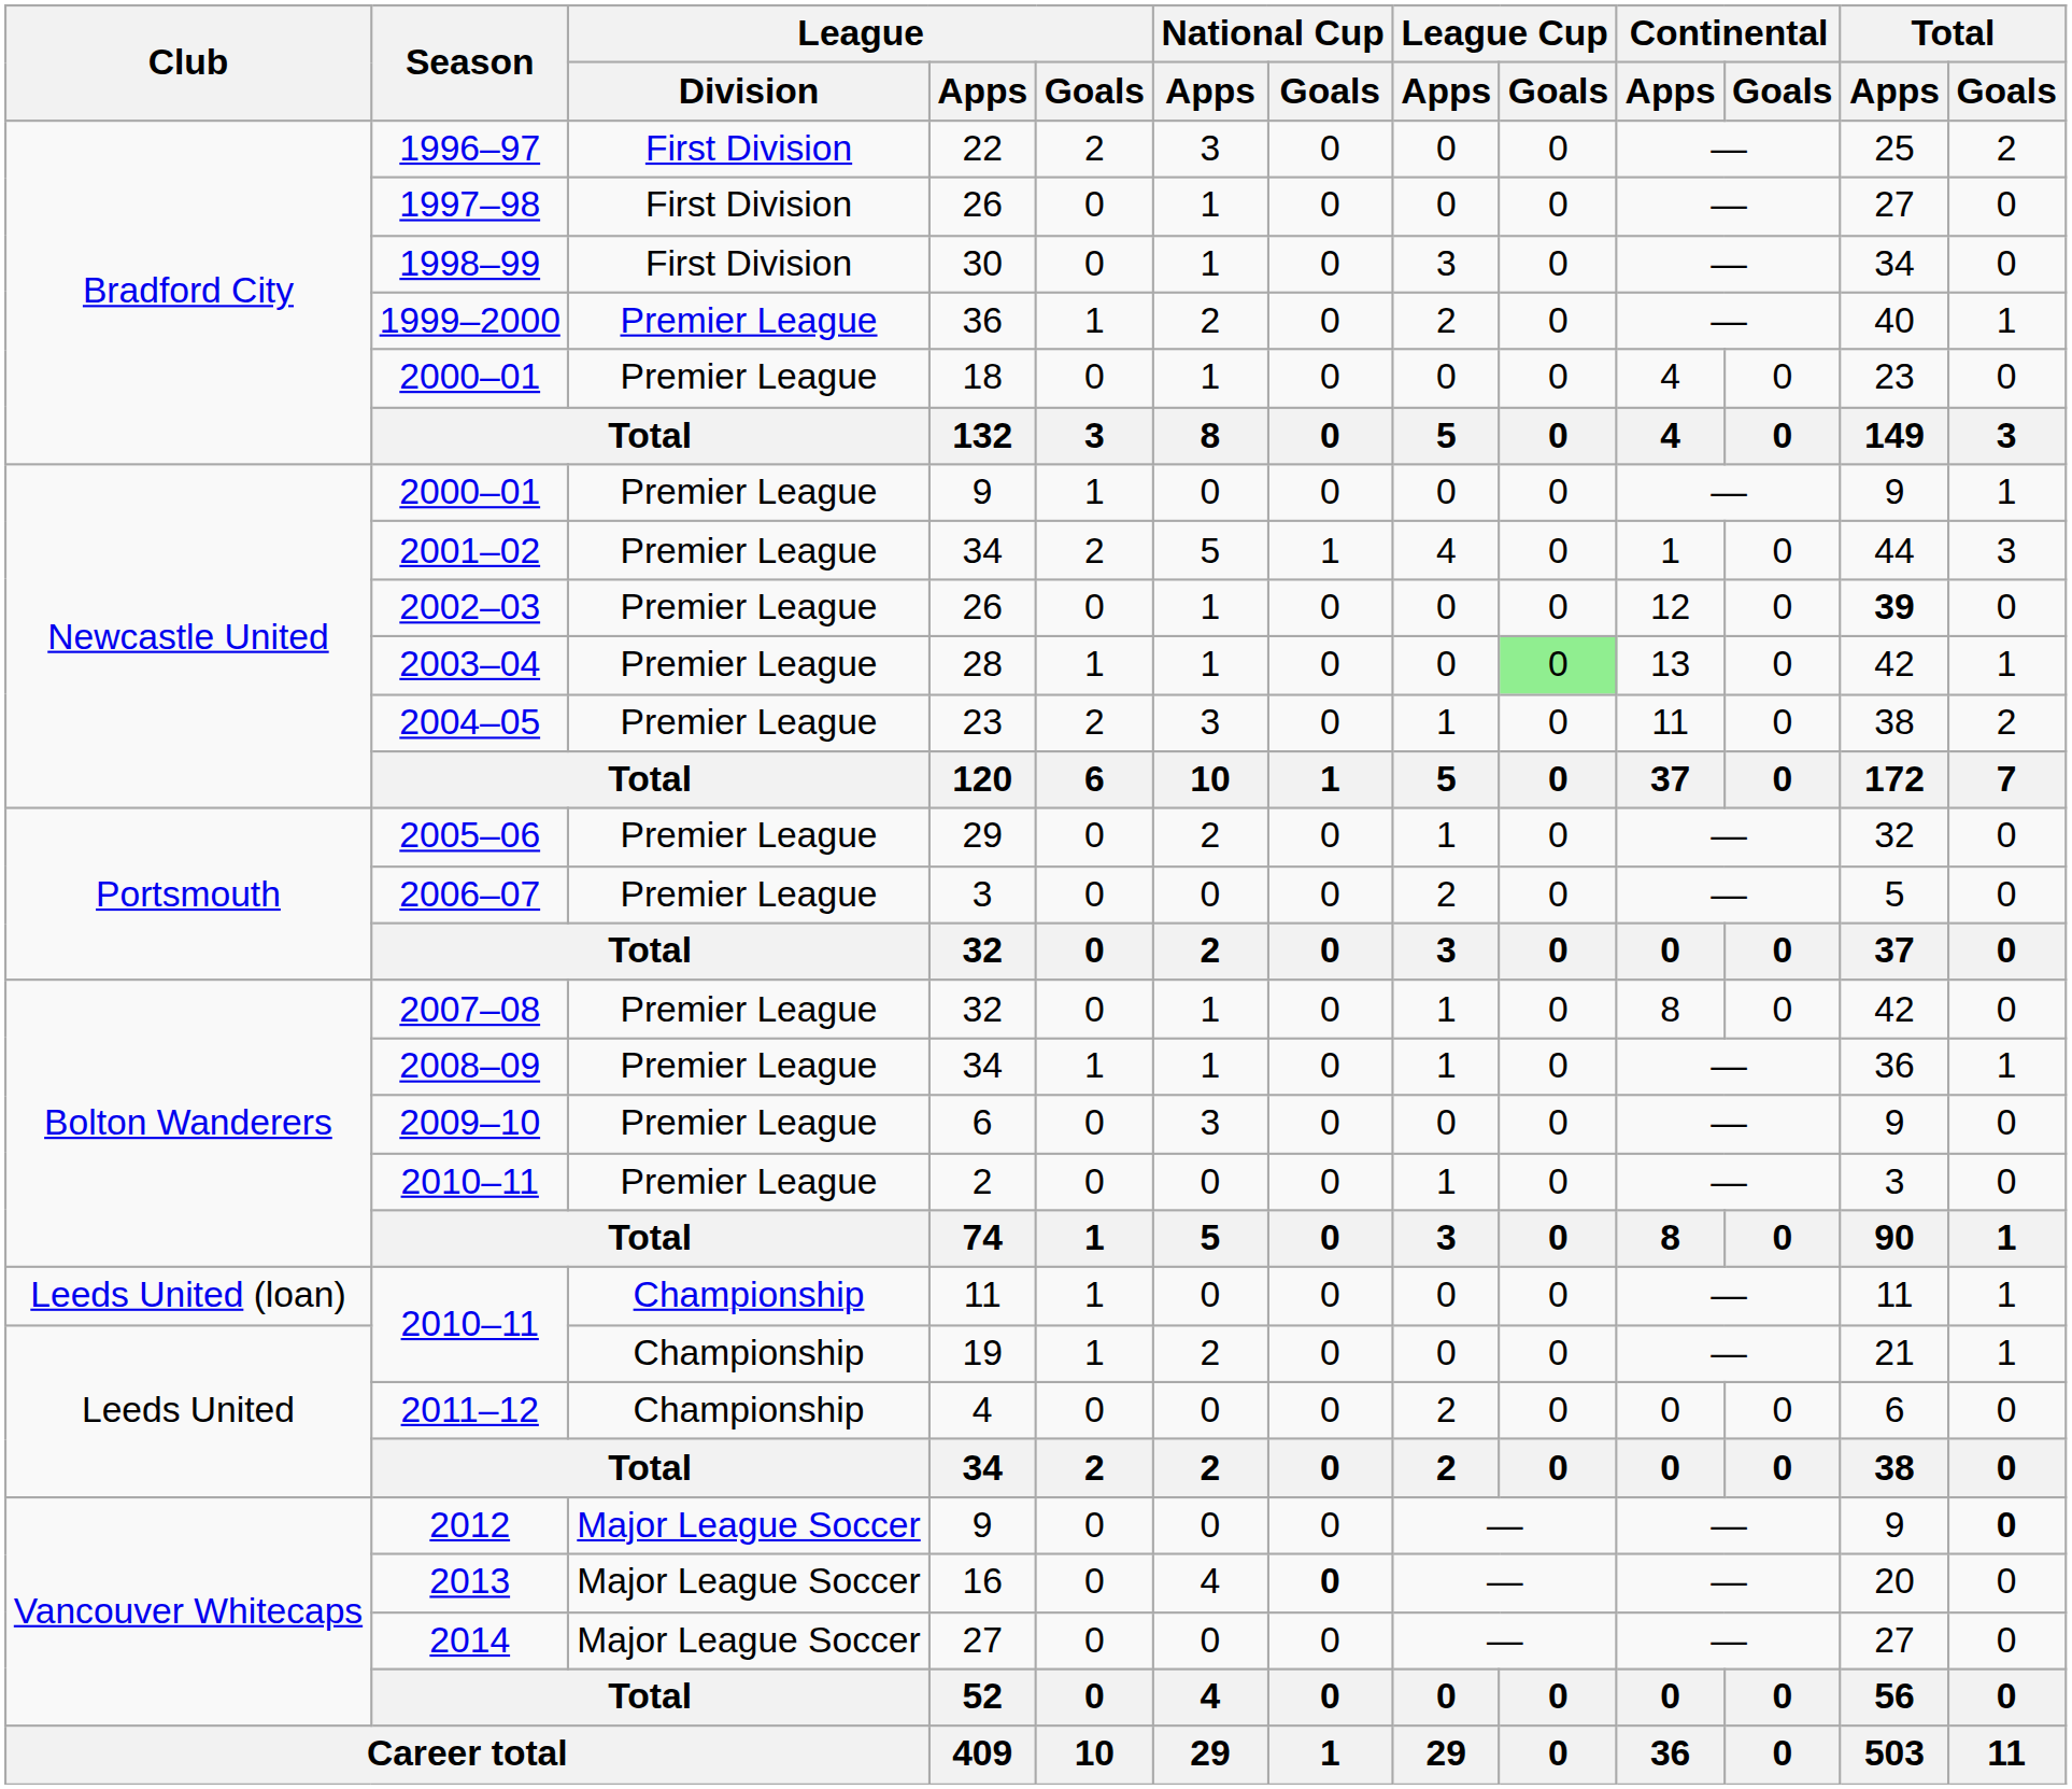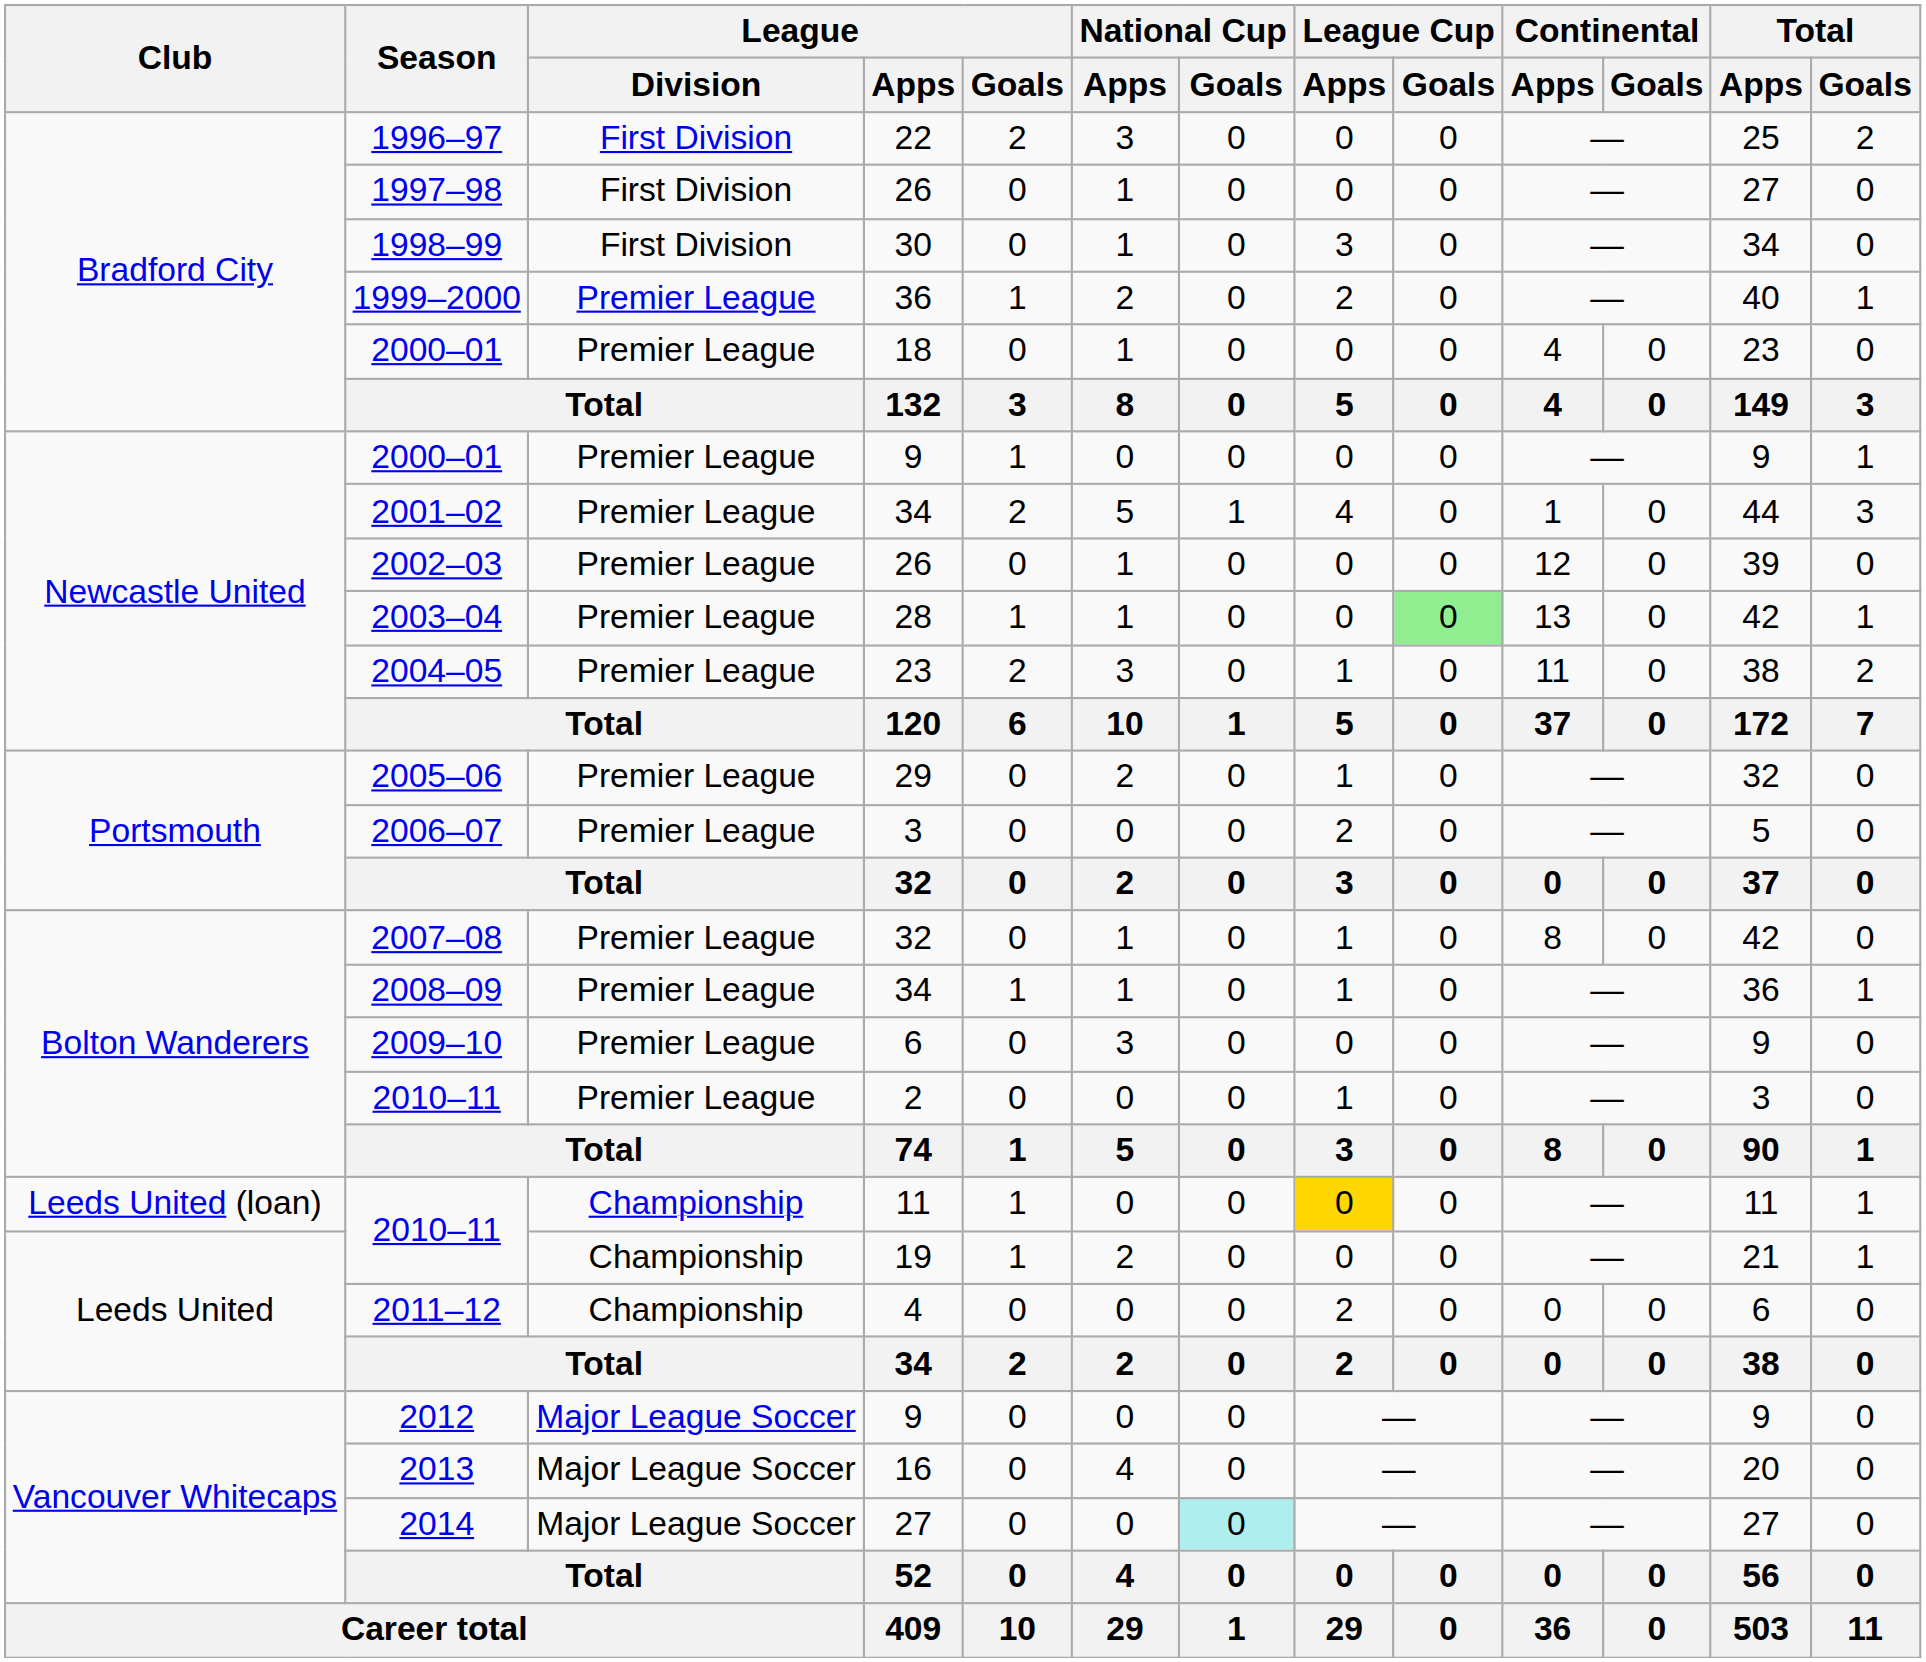 <table class="wikitable" style="text-align:center;">
 <tr>
 <th rowspan="2">Club</th>
 <th rowspan="2">Season</th>
 <th colspan="3">League</th>
 <th colspan="2">National Cup</th>
 <th colspan="2">League Cup</th>
 <th colspan="2">Continental</th>
 <th colspan="2">Total</th>
 </tr>
 <tr>
 <th>Division</th>
 <th>Apps</th>
 <th>Goals</th>
 <th>Apps</th>
 <th>Goals</th>
 <th>Apps</th>
 <th>Goals</th>
 <th>Apps</th>
 <th>Goals</th>
 <th>Apps</th>
 <th>Goals</th>
 </tr>
 <tr>
 <td rowspan="6"><a href='#'>Bradford City</a></td>
 <td><a href='#'>1996–97</a></td>
 <td><a href='#'>First Division</a></td>
 <td>22</td>
 <td>2</td>
 <td>3</td>
 <td>0</td>
 <td>0</td>
 <td>0</td>
 <td colspan="2">—</td>
 <td>25</td>
 <td>2</td>
 </tr>
 <tr>
 <td><a href='#'>1997–98</a></td>
 <td>First Division</td>
 <td>26</td>
 <td>0</td>
 <td>1</td>
 <td>0</td>
 <td>0</td>
 <td>0</td>
 <td colspan="2">—</td>
 <td>27</td>
 <td>0</td>
 </tr>
 <tr>
 <td><a href='#'>1998–99</a></td>
 <td>First Division</td>
 <td>30</td>
 <td>0</td>
 <td>1</td>
 <td>0</td>
 <td>3</td>
 <td>0</td>
 <td colspan="2">—</td>
 <td>34</td>
 <td>0</td>
 </tr>
 <tr>
 <td><a href='#'>1999–2000</a></td>
 <td><a href='#'>Premier League</a></td>
 <td>36</td>
 <td>1</td>
 <td>2</td>
 <td>0</td>
 <td>2</td>
 <td>0</td>
 <td colspan="2">—</td>
 <td>40</td>
 <td>1</td>
 </tr>
 <tr>
 <td><a href='#'>2000–01</a></td>
 <td>Premier League</td>
 <td>18</td>
 <td>0</td>
 <td>1</td>
 <td>0</td>
 <td>0</td>
 <td>0</td>
 <td>4</td>
 <td>0</td>
 <td>23</td>
 <td>0</td>
 </tr>
 <tr>
 <th colspan="2">Total</th>
 <th>132</th>
 <th>3</th>
 <th>8</th>
 <th>0</th>
 <th>5</th>
 <th>0</th>
 <th>4</th>
 <th>0</th>
 <th>149</th>
 <th>3</th>
 </tr>
 <tr>
 <td rowspan="6"><a href='#'>Newcastle United</a></td>
 <td><a href='#'>2000–01</a></td>
 <td>Premier League</td>
 <td>9</td>
 <td>1</td>
 <td>0</td>
 <td>0</td>
 <td>0</td>
 <td>0</td>
 <td colspan="2">—</td>
 <td>9</td>
 <td>1</td>
 </tr>
 <tr>
 <td><a href='#'>2001–02</a></td>
 <td>Premier League</td>
 <td>34</td>
 <td>2</td>
 <td>5</td>
 <td>1</td>
 <td>4</td>
 <td>0</td>
 <td>1</td>
 <td>0</td>
 <td>44</td>
 <td>3</td>
 </tr>
 <tr>
 <td><a href='#'>2002–03</a></td>
 <td>Premier League</td>
 <td>26</td>
 <td>0</td>
 <td>1</td>
 <td>0</td>
 <td>0</td>
 <td>0</td>
 <td>12</td>
 <td>0</td>
-<td><strong>39</strong></td>
+<td>39</td>
 <td>0</td>
 </tr>
 <tr>
 <td><a href='#'>2003–04</a></td>
 <td>Premier League</td>
 <td>28</td>
 <td>1</td>
 <td>1</td>
 <td>0</td>
 <td>0</td>
 <td style="background: lightgreen;">0</td>
 <td>13</td>
 <td>0</td>
 <td>42</td>
 <td>1</td>
 </tr>
 <tr>
 <td><a href='#'>2004–05</a></td>
 <td>Premier League</td>
 <td>23</td>
 <td>2</td>
 <td>3</td>
 <td>0</td>
 <td>1</td>
 <td>0</td>
 <td>11</td>
 <td>0</td>
 <td>38</td>
 <td>2</td>
 </tr>
 <tr>
 <th colspan="2">Total</th>
 <th>120</th>
 <th>6</th>
 <th>10</th>
 <th>1</th>
 <th>5</th>
 <th>0</th>
 <th>37</th>
 <th>0</th>
 <th>172</th>
 <th>7</th>
 </tr>
 <tr>
 <td rowspan="3"><a href='#'>Portsmouth</a></td>
 <td><a href='#'>2005–06</a></td>
 <td>Premier League</td>
 <td>29</td>
 <td>0</td>
 <td>2</td>
 <td>0</td>
 <td>1</td>
 <td>0</td>
 <td colspan="2">—</td>
 <td>32</td>
 <td>0</td>
 </tr>
 <tr>
 <td><a href='#'>2006–07</a></td>
 <td>Premier League</td>
 <td>3</td>
 <td>0</td>
 <td>0</td>
 <td>0</td>
 <td>2</td>
 <td>0</td>
 <td colspan="2">—</td>
 <td>5</td>
 <td>0</td>
 </tr>
 <tr>
 <th colspan="2">Total</th>
 <th>32</th>
 <th>0</th>
 <th>2</th>
 <th>0</th>
 <th>3</th>
 <th>0</th>
 <th>0</th>
 <th>0</th>
 <th>37</th>
 <th>0</th>
 </tr>
 <tr>
 <td rowspan="5"><a href='#'>Bolton Wanderers</a></td>
 <td><a href='#'>2007–08</a></td>
 <td>Premier League</td>
 <td>32</td>
 <td>0</td>
 <td>1</td>
 <td>0</td>
 <td>1</td>
 <td>0</td>
 <td>8</td>
 <td>0</td>
 <td>42</td>
 <td>0</td>
 </tr>
 <tr>
 <td><a href='#'>2008–09</a></td>
 <td>Premier League</td>
 <td>34</td>
 <td>1</td>
 <td>1</td>
 <td>0</td>
 <td>1</td>
 <td>0</td>
 <td colspan="2">—</td>
 <td>36</td>
 <td>1</td>
 </tr>
 <tr>
 <td><a href='#'>2009–10</a></td>
 <td>Premier League</td>
 <td>6</td>
 <td>0</td>
 <td>3</td>
 <td>0</td>
 <td>0</td>
 <td>0</td>
 <td colspan="2">—</td>
 <td>9</td>
 <td>0</td>
 </tr>
 <tr>
 <td><a href='#'>2010–11</a></td>
 <td>Premier League</td>
 <td>2</td>
 <td>0</td>
 <td>0</td>
 <td>0</td>
 <td>1</td>
 <td>0</td>
 <td colspan="2">—</td>
 <td>3</td>
 <td>0</td>
 </tr>
 <tr>
 <th colspan="2">Total</th>
 <th>74</th>
 <th>1</th>
 <th>5</th>
 <th>0</th>
 <th>3</th>
 <th>0</th>
 <th>8</th>
 <th>0</th>
 <th>90</th>
 <th>1</th>
 </tr>
 <tr>
 <td><a href='#'>Leeds United</a> (loan)</td>
 <td rowspan="2"><a href='#'>2010–11</a></td>
 <td><a href='#'>Championship</a></td>
 <td>11</td>
 <td>1</td>
 <td>0</td>
 <td>0</td>
-<td>0</td>
+<td style="background: gold;">0</td>
 <td>0</td>
 <td colspan="2">—</td>
 <td>11</td>
 <td>1</td>
 </tr>
 <tr>
 <td rowspan="3">Leeds United</td>
 <td>Championship</td>
 <td>19</td>
 <td>1</td>
 <td>2</td>
 <td>0</td>
 <td>0</td>
 <td>0</td>
 <td colspan="2">—</td>
 <td>21</td>
 <td>1</td>
 </tr>
 <tr>
 <td><a href='#'>2011–12</a></td>
 <td>Championship</td>
 <td>4</td>
 <td>0</td>
 <td>0</td>
 <td>0</td>
 <td>2</td>
 <td>0</td>
 <td>0</td>
 <td>0</td>
 <td>6</td>
 <td>0</td>
 </tr>
 <tr>
 <th colspan="2">Total</th>
 <th>34</th>
 <th>2</th>
 <th>2</th>
 <th>0</th>
 <th>2</th>
 <th>0</th>
 <th>0</th>
 <th>0</th>
 <th>38</th>
 <th>0</th>
 </tr>
 <tr>
 <td rowspan="4"><a href='#'>Vancouver Whitecaps</a></td>
 <td><a href='#'>2012</a></td>
 <td><a href='#'>Major League Soccer</a></td>
 <td>9</td>
 <td>0</td>
 <td>0</td>
 <td>0</td>
 <td colspan="2">—</td>
 <td colspan="2">—</td>
 <td>9</td>
-<td><strong>0</strong></td>
+<td>0</td>
 </tr>
 <tr>
 <td><a href='#'>2013</a></td>
 <td>Major League Soccer</td>
 <td>16</td>
 <td>0</td>
 <td>4</td>
-<td><strong>0</strong></td>
+<td>0</td>
 <td colspan="2">—</td>
 <td colspan="2">—</td>
 <td>20</td>
 <td>0</td>
 </tr>
 <tr>
 <td><a href='#'>2014</a></td>
 <td>Major League Soccer</td>
 <td>27</td>
 <td>0</td>
 <td>0</td>
-<td>0</td>
+<td style="background: paleturquoise;">0</td>
 <td colspan="2">—</td>
 <td colspan="2">—</td>
 <td>27</td>
 <td>0</td>
 </tr>
 <tr>
 <th colspan="2">Total</th>
 <th>52</th>
 <th>0</th>
 <th>4</th>
 <th>0</th>
 <th>0</th>
 <th>0</th>
 <th>0</th>
 <th>0</th>
 <th>56</th>
 <th>0</th>
 </tr>
 <tr>
 <th colspan="3">Career total</th>
 <th>409</th>
 <th>10</th>
 <th>29</th>
 <th>1</th>
 <th>29</th>
 <th>0</th>
 <th>36</th>
 <th>0</th>
 <th>503</th>
 <th>11</th>
 </tr>
 </table>
